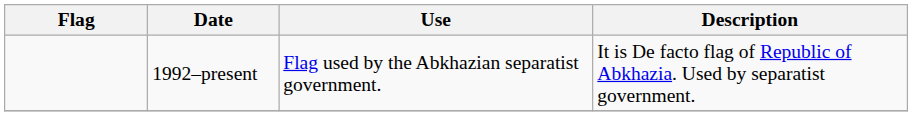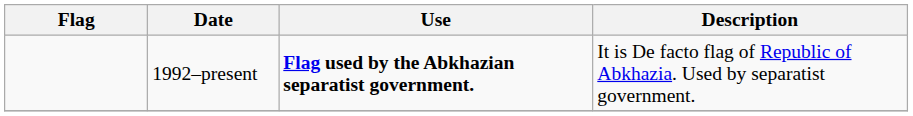 <table class="wikitable">
 <tr>
 <th style="width:110px;">Flag</th>
 <th style="width:100px;">Date</th>
 <th style="width:250px;">Use</th>
 <th style="width:250px;">Description</th>
 </tr>
 <tr>
 <td></td>
 <td>1992–present</td>
-<td><a href='#'>Flag</a> used by the Abkhazian separatist government.</td>
+<td><strong><a href='#'>Flag</a> used by the Abkhazian separatist government.</strong></td>
 <td>It is De facto flag of <a href='#'>Republic of Abkhazia</a>. Used by separatist government.</td>
 </tr>
 <tr>
 </tr>
 </table>
